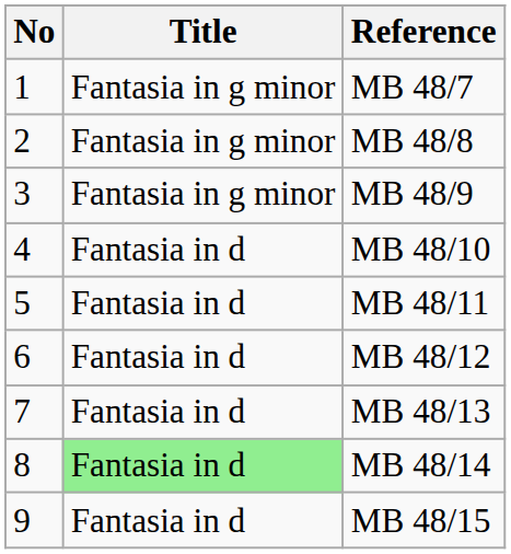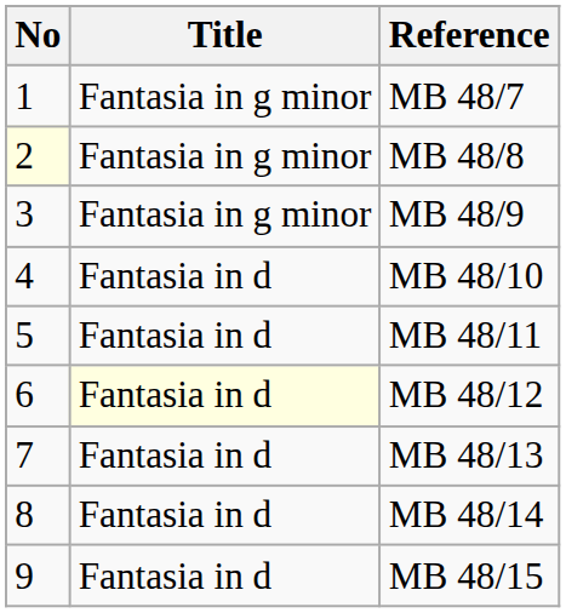 <table class = "wikitable sortable">
 <tr>
 </tr>
 <tr>
 <th scope="col">No</th>
 <th scope="col">Title</th>
 <th scope="col">Reference</th>
 </tr>
 <tr>
 <td>1</td>
 <td>Fantasia in g minor</td>
 <td>MB 48/7</td>
 </tr>
 <tr>
-<td>2</td>
+<td style="background: lightyellow;">2</td>
 <td>Fantasia in g minor</td>
 <td>MB 48/8</td>
 </tr>
 <tr>
 <td>3</td>
 <td>Fantasia in g minor</td>
 <td>MB 48/9</td>
 </tr>
 <tr>
 <td>4</td>
 <td>Fantasia in d</td>
 <td>MB 48/10</td>
 </tr>
 <tr>
 <td>5</td>
 <td>Fantasia in d</td>
 <td>MB 48/11</td>
 </tr>
 <tr>
 <td>6</td>
-<td>Fantasia in d</td>
+<td style="background: lightyellow;">Fantasia in d</td>
 <td>MB 48/12</td>
 </tr>
 <tr>
 <td>7</td>
 <td>Fantasia in d</td>
 <td>MB 48/13</td>
 </tr>
 <tr>
 <td>8</td>
-<td style="background: lightgreen;">Fantasia in d</td>
+<td>Fantasia in d</td>
 <td>MB 48/14</td>
 </tr>
 <tr>
 <td>9</td>
 <td>Fantasia in d</td>
 <td>MB 48/15</td>
 </tr>
 </table>
